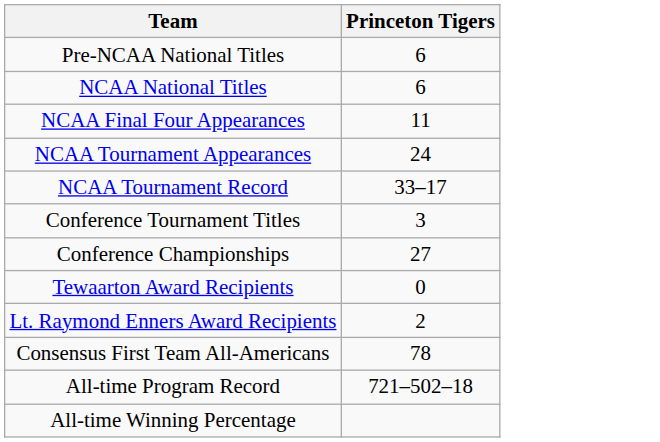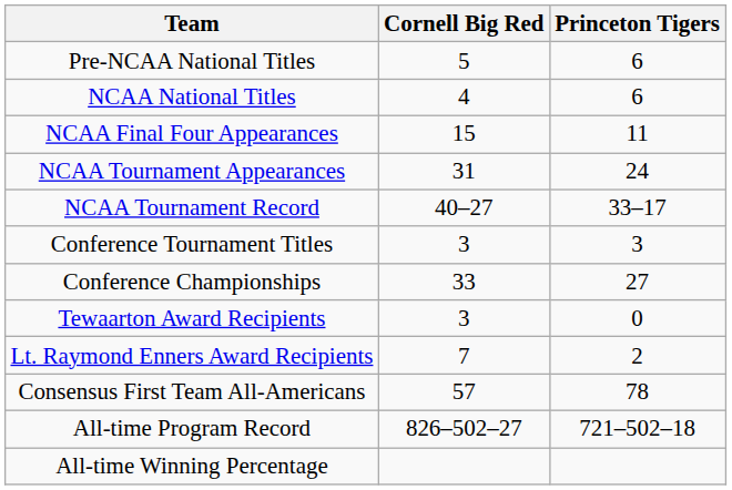 <table class="wikitable" style="text-align:center;">
 <tr>
 <th>Team</th>
+<th>Cornell Big Red</th>
 <th>Princeton Tigers</th>
 </tr>
 <tr>
 <td>Pre-NCAA National Titles</td>
+<td>5</td>
 <td>6</td>
 </tr>
 <tr>
 <td><a href='#'>NCAA National Titles</a></td>
+<td>4</td>
 <td>6</td>
 </tr>
 <tr>
 <td><a href='#'>NCAA Final Four Appearances</a></td>
+<td>15</td>
 <td>11</td>
 </tr>
 <tr>
 <td><a href='#'>NCAA Tournament Appearances</a></td>
+<td>31</td>
 <td>24</td>
 </tr>
 <tr>
 <td><a href='#'>NCAA Tournament Record</a></td>
+<td>40–27</td>
 <td>33–17</td>
 </tr>
 <tr>
 <td>Conference Tournament Titles</td>
 <td>3</td>
+<td>3</td>
 </tr>
 <tr>
 <td>Conference Championships</td>
+<td>33</td>
 <td>27</td>
 </tr>
 <tr>
 <td><a href='#'>Tewaarton Award Recipients</a></td>
+<td>3</td>
 <td>0</td>
 </tr>
 <tr>
 <td><a href='#'>Lt. Raymond Enners Award Recipients</a></td>
+<td>7</td>
 <td>2</td>
 </tr>
 <tr>
 <td>Consensus First Team All-Americans</td>
+<td>57</td>
 <td>78</td>
 </tr>
 <tr>
 <td>All-time Program Record</td>
+<td>826–502–27</td>
 <td>721–502–18</td>
 </tr>
 <tr>
 <td>All-time Winning Percentage</td>
 <td></td>
+<td></td>
 </tr>
 </table>
